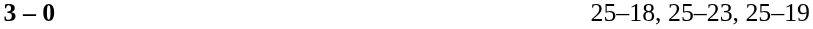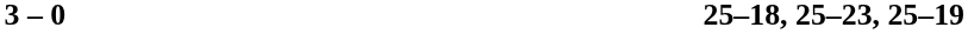 <table width=100% cellspacing=1>
 <tr>
 <th width=20%></th>
 <th width=12%></th>
 <th width=20%></th>
 <th width=33%></th>
 <td></td>
 </tr>
 <tr style=font-size:95%>
 <td align=right><strong></strong></td>
 <td align=center><strong>3 – 0</strong></td>
 <td></td>
-<td>25–18, 25–23, 25–19</td>
+<td><strong>25–18, 25–23, 25–19</strong></td>
 </tr>
 </table>
